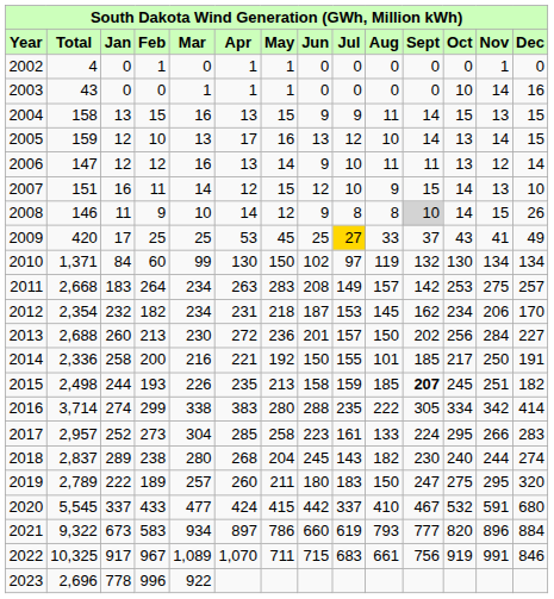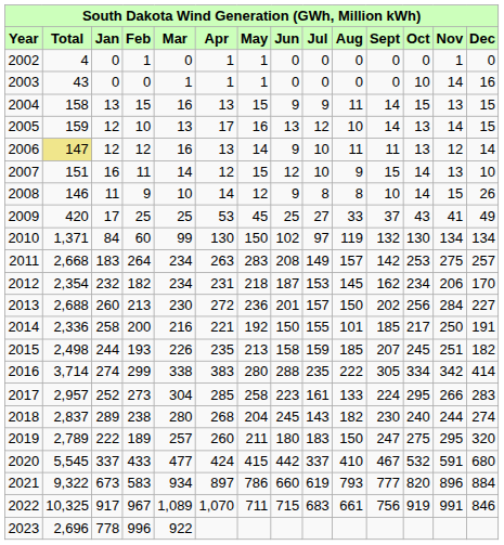 <table class="wikitable" style="text-align:right;">
 <tr>
 <th colspan="14" style="background:#cfb;">South Dakota Wind Generation (GWh, Million kWh)</th>
 </tr>
 <tr>
 <th style="background:#cfb;">Year</th>
 <th style="background:#cfb;">Total</th>
 <th style="background:#cfb;">Jan</th>
 <th style="background:#cfb;">Feb</th>
 <th style="background:#cfb;">Mar</th>
 <th style="background:#cfb;">Apr</th>
 <th style="background:#cfb;">May</th>
 <th style="background:#cfb;">Jun</th>
 <th style="background:#cfb;">Jul</th>
 <th style="background:#cfb;">Aug</th>
 <th style="background:#cfb;">Sept</th>
 <th style="background:#cfb;">Oct</th>
 <th style="background:#cfb;">Nov</th>
 <th style="background:#cfb;">Dec</th>
 </tr>
 <tr align=right>
 <td>2002</td>
 <td>4</td>
 <td>0</td>
 <td>1</td>
 <td>0</td>
 <td>1</td>
 <td>1</td>
 <td>0</td>
 <td>0</td>
 <td>0</td>
 <td>0</td>
 <td>0</td>
 <td>1</td>
 <td>0</td>
 </tr>
 <tr align=right>
 <td>2003</td>
 <td>43</td>
 <td>0</td>
 <td>0</td>
 <td>1</td>
 <td>1</td>
 <td>1</td>
 <td>0</td>
 <td>0</td>
 <td>0</td>
 <td>0</td>
 <td>10</td>
 <td>14</td>
 <td>16</td>
 </tr>
 <tr align=right>
 <td>2004</td>
 <td>158</td>
 <td>13</td>
 <td>15</td>
 <td>16</td>
 <td>13</td>
 <td>15</td>
 <td>9</td>
 <td>9</td>
 <td>11</td>
 <td>14</td>
 <td>15</td>
 <td>13</td>
 <td>15</td>
 </tr>
 <tr align=right>
 <td>2005</td>
 <td>159</td>
 <td>12</td>
 <td>10</td>
 <td>13</td>
 <td>17</td>
 <td>16</td>
 <td>13</td>
 <td>12</td>
 <td>10</td>
 <td>14</td>
 <td>13</td>
 <td>14</td>
 <td>15</td>
 </tr>
 <tr align=right>
 <td>2006</td>
-<td>147</td>
+<td style="background: khaki;">147</td>
 <td>12</td>
 <td>12</td>
 <td>16</td>
 <td>13</td>
 <td>14</td>
 <td>9</td>
 <td>10</td>
 <td>11</td>
 <td>11</td>
 <td>13</td>
 <td>12</td>
 <td>14</td>
 </tr>
 <tr align=right>
 <td>2007</td>
 <td>151</td>
 <td>16</td>
 <td>11</td>
 <td>14</td>
 <td>12</td>
 <td>15</td>
 <td>12</td>
 <td>10</td>
 <td>9</td>
 <td>15</td>
 <td>14</td>
 <td>13</td>
 <td>10</td>
 </tr>
 <tr align=right>
 <td>2008</td>
 <td>146</td>
 <td>11</td>
 <td>9</td>
 <td>10</td>
 <td>14</td>
 <td>12</td>
 <td>9</td>
 <td>8</td>
 <td>8</td>
-<td style="background: lightgrey;">10</td>
+<td>10</td>
 <td>14</td>
 <td>15</td>
 <td>26</td>
 </tr>
 <tr align=right>
 <td>2009</td>
 <td>420</td>
 <td>17</td>
 <td>25</td>
 <td>25</td>
 <td>53</td>
 <td>45</td>
 <td>25</td>
-<td style="background: gold;">27</td>
+<td>27</td>
 <td>33</td>
 <td>37</td>
 <td>43</td>
 <td>41</td>
 <td>49</td>
 </tr>
 <tr align=right>
 <td>2010</td>
 <td>1,371</td>
 <td>84</td>
 <td>60</td>
 <td>99</td>
 <td>130</td>
 <td>150</td>
 <td>102</td>
 <td>97</td>
 <td>119</td>
 <td>132</td>
 <td>130</td>
 <td>134</td>
 <td>134</td>
 </tr>
 <tr align=right>
 <td>2011</td>
 <td>2,668</td>
 <td>183</td>
 <td>264</td>
 <td>234</td>
 <td>263</td>
 <td>283</td>
 <td>208</td>
 <td>149</td>
 <td>157</td>
 <td>142</td>
 <td>253</td>
 <td>275</td>
 <td>257</td>
 </tr>
 <tr align=right>
 <td>2012</td>
 <td>2,354</td>
 <td>232</td>
 <td>182</td>
 <td>234</td>
 <td>231</td>
 <td>218</td>
 <td>187</td>
 <td>153</td>
 <td>145</td>
 <td>162</td>
 <td>234</td>
 <td>206</td>
 <td>170</td>
 </tr>
 <tr align=right>
 <td>2013</td>
 <td>2,688</td>
 <td>260</td>
 <td>213</td>
 <td>230</td>
 <td>272</td>
 <td>236</td>
 <td>201</td>
 <td>157</td>
 <td>150</td>
 <td>202</td>
 <td>256</td>
 <td>284</td>
 <td>227</td>
 </tr>
 <tr align=right>
 <td>2014</td>
 <td>2,336</td>
 <td>258</td>
 <td>200</td>
 <td>216</td>
 <td>221</td>
 <td>192</td>
 <td>150</td>
 <td>155</td>
 <td>101</td>
 <td>185</td>
 <td>217</td>
 <td>250</td>
 <td>191</td>
 </tr>
 <tr align=right>
 <td>2015</td>
 <td>2,498</td>
 <td>244</td>
 <td>193</td>
 <td>226</td>
 <td>235</td>
 <td>213</td>
 <td>158</td>
 <td>159</td>
 <td>185</td>
-<td><strong>207</strong></td>
+<td>207</td>
 <td>245</td>
 <td>251</td>
 <td>182</td>
 </tr>
 <tr align=right>
 <td>2016</td>
 <td>3,714</td>
 <td>274</td>
 <td>299</td>
 <td>338</td>
 <td>383</td>
 <td>280</td>
 <td>288</td>
 <td>235</td>
 <td>222</td>
 <td>305</td>
 <td>334</td>
 <td>342</td>
 <td>414</td>
 </tr>
 <tr align=right>
 <td>2017</td>
 <td>2,957</td>
 <td>252</td>
 <td>273</td>
 <td>304</td>
 <td>285</td>
 <td>258</td>
 <td>223</td>
 <td>161</td>
 <td>133</td>
 <td>224</td>
 <td>295</td>
 <td>266</td>
 <td>283</td>
 </tr>
 <tr align=right>
 <td>2018</td>
 <td>2,837</td>
 <td>289</td>
 <td>238</td>
 <td>280</td>
 <td>268</td>
 <td>204</td>
 <td>245</td>
 <td>143</td>
 <td>182</td>
 <td>230</td>
 <td>240</td>
 <td>244</td>
 <td>274</td>
 </tr>
 <tr align=right>
 <td>2019</td>
 <td>2,789</td>
 <td>222</td>
 <td>189</td>
 <td>257</td>
 <td>260</td>
 <td>211</td>
 <td>180</td>
 <td>183</td>
 <td>150</td>
 <td>247</td>
 <td>275</td>
 <td>295</td>
 <td>320</td>
 </tr>
 <tr align=right>
 <td>2020</td>
 <td>5,545</td>
 <td>337</td>
 <td>433</td>
 <td>477</td>
 <td>424</td>
 <td>415</td>
 <td>442</td>
 <td>337</td>
 <td>410</td>
 <td>467</td>
 <td>532</td>
 <td>591</td>
 <td>680</td>
 </tr>
 <tr align=right>
 <td>2021</td>
 <td>9,322</td>
 <td>673</td>
 <td>583</td>
 <td>934</td>
 <td>897</td>
 <td>786</td>
 <td>660</td>
 <td>619</td>
 <td>793</td>
 <td>777</td>
 <td>820</td>
 <td>896</td>
 <td>884</td>
 </tr>
 <tr align=right>
 <td>2022</td>
 <td>10,325</td>
 <td>917</td>
 <td>967</td>
 <td>1,089</td>
 <td>1,070</td>
 <td>711</td>
 <td>715</td>
 <td>683</td>
 <td>661</td>
 <td>756</td>
 <td>919</td>
 <td>991</td>
 <td>846</td>
 </tr>
 <tr align=right>
 <td>2023</td>
 <td>2,696</td>
 <td>778</td>
 <td>996</td>
 <td>922</td>
 <td></td>
 <td></td>
 <td></td>
 <td></td>
 <td></td>
 <td></td>
 <td></td>
 <td></td>
 <td></td>
 </tr>
 </table>
